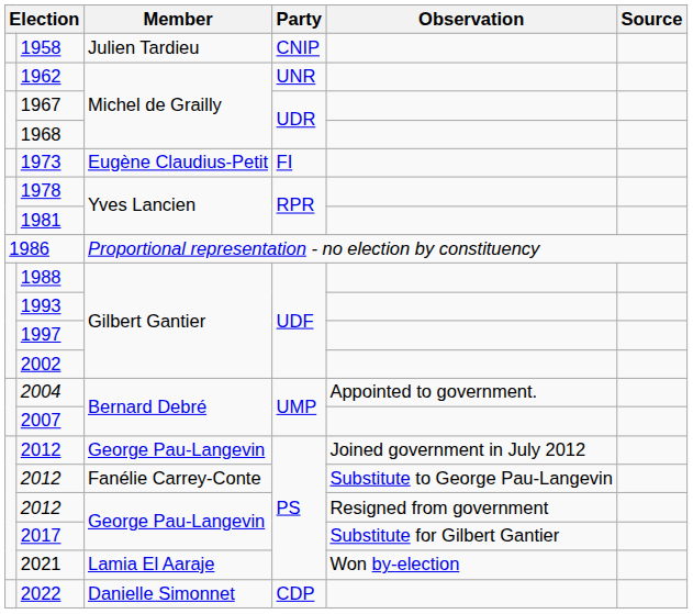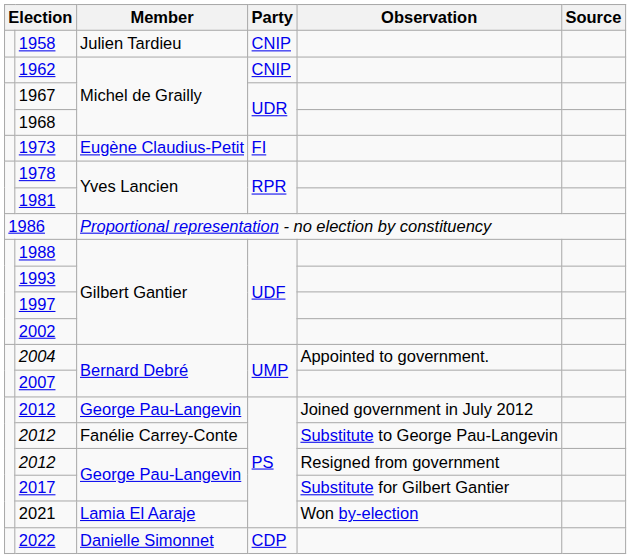 <table class="wikitable">
 <tr>
 <th colspan="2">Election</th>
 <th>Member</th>
 <th>Party</th>
 <th>Observation</th>
 <th>Source</th>
 </tr>
 <tr>
 <td style="color:inherit;background-color: "></td>
 <td><a href='#'>1958</a></td>
 <td>Julien Tardieu</td>
 <td><a href='#'>CNIP</a></td>
 <td></td>
 <td></td>
 </tr>
 <tr>
 <td style="color:inherit;background-color: "></td>
 <td><a href='#'>1962</a></td>
 <td rowspan="3">Michel de Grailly</td>
-<td><a href='#'>UNR</a></td>
+<td><a href='#'>CNIP</a></td>
 <td></td>
 <td></td>
 </tr>
 <tr>
 <td rowspan="2" style="color:inherit;background-color: "></td>
 <td>1967</td>
 <td rowspan="2"><a href='#'>UDR</a></td>
 <td></td>
 <td></td>
 </tr>
 <tr>
 <td>1968</td>
 <td></td>
 <td></td>
 </tr>
 <tr>
 <td style="color:inherit;background-color: "></td>
 <td><a href='#'>1973</a></td>
 <td><a href='#'>Eugène Claudius-Petit</a></td>
 <td><a href='#'>FI</a></td>
 <td></td>
 <td></td>
 </tr>
 <tr>
 <td rowspan="2" style="color:inherit;background-color: "></td>
 <td><a href='#'>1978</a></td>
 <td rowspan="2">Yves Lancien</td>
 <td rowspan="2"><a href='#'>RPR</a></td>
 <td></td>
 <td></td>
 </tr>
 <tr>
 <td><a href='#'>1981</a></td>
 <td></td>
 <td></td>
 </tr>
 <tr>
 <td colspan="2"><a href='#'>1986</a></td>
 <td colspan="4"><em><a href='#'>Proportional representation</a> - no election by constituency</em></td>
 </tr>
 <tr>
 <td rowspan="4" style="color:inherit;background-color: "></td>
 <td><a href='#'>1988</a></td>
 <td rowspan="4">Gilbert Gantier</td>
 <td rowspan="4"><a href='#'>UDF</a></td>
 <td></td>
 <td></td>
 </tr>
 <tr>
 <td><a href='#'>1993</a></td>
 <td></td>
 <td></td>
 </tr>
 <tr>
 <td><a href='#'>1997</a></td>
 <td></td>
 <td></td>
 </tr>
 <tr>
 <td><a href='#'>2002</a></td>
 <td></td>
 <td></td>
 </tr>
 <tr>
 <td rowspan="2" style="color:inherit;background-color: "></td>
 <td><em>2004</em></td>
 <td rowspan="2"><a href='#'>Bernard Debré</a></td>
 <td rowspan="2"><a href='#'>UMP</a></td>
 <td>Appointed to government.</td>
 <td></td>
 </tr>
 <tr>
 <td><a href='#'>2007</a></td>
 <td></td>
 <td></td>
 </tr>
 <tr>
 <td rowspan="5" style="color:inherit;background-color: "></td>
 <td><a href='#'>2012</a></td>
 <td><a href='#'>George Pau-Langevin</a></td>
 <td rowspan="5"><a href='#'>PS</a></td>
 <td>Joined government in July 2012</td>
 <td></td>
 </tr>
 <tr>
 <td><em>2012</em></td>
 <td>Fanélie Carrey-Conte</td>
 <td><a href='#'>Substitute</a> to George Pau-Langevin</td>
 <td></td>
 </tr>
 <tr>
 <td><em>2012</em></td>
 <td rowspan="2"><a href='#'>George Pau-Langevin</a></td>
 <td>Resigned from government</td>
 <td></td>
 </tr>
 <tr>
 <td><a href='#'>2017</a></td>
 <td><a href='#'>Substitute</a> for Gilbert Gantier</td>
 <td></td>
 </tr>
 <tr>
 <td>2021</td>
 <td><a href='#'>Lamia El Aaraje</a></td>
 <td>Won <a href='#'>by-election</a></td>
 <td></td>
 </tr>
 <tr>
 <td style="color:inherit;background:"></td>
 <td><a href='#'>2022</a></td>
 <td><a href='#'>Danielle Simonnet</a></td>
 <td><a href='#'>CDP</a></td>
 <td></td>
 <td></td>
 </tr>
 </table>
